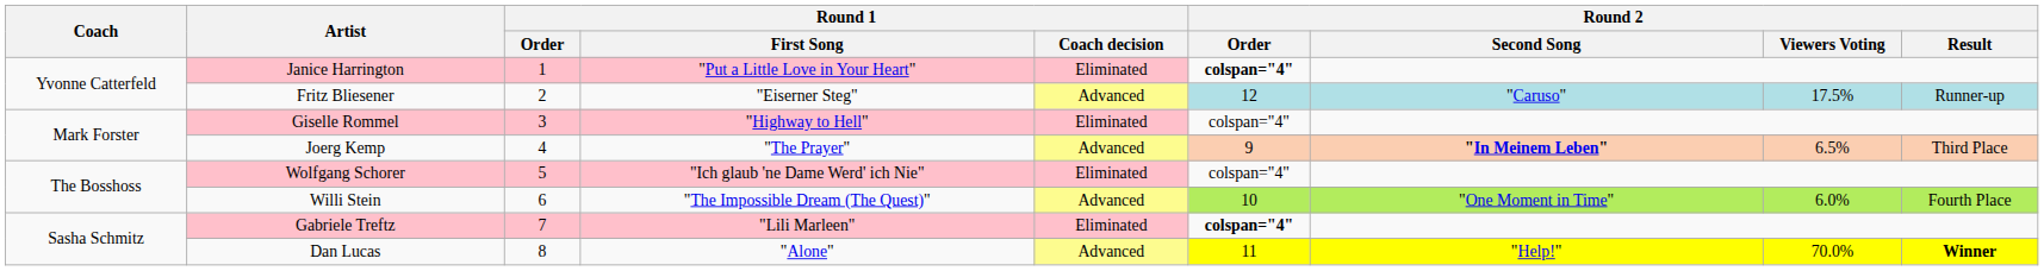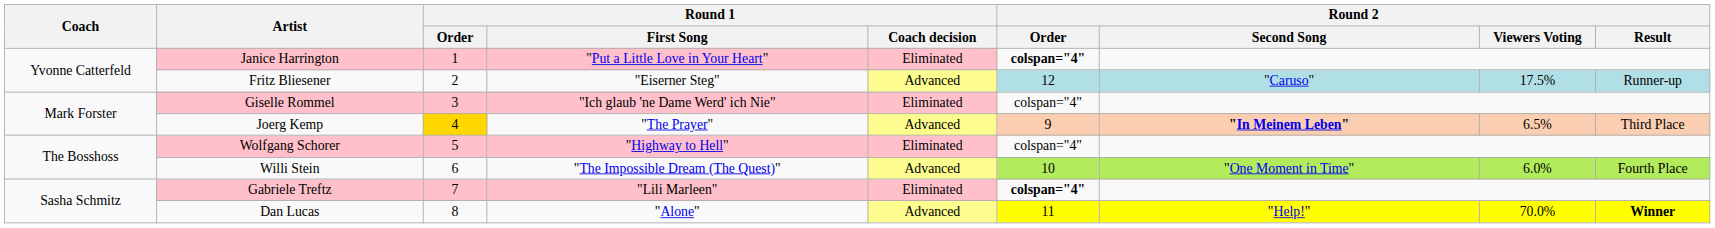 <table class="wikitable" style="text-align:center; width:100%;">
 <tr>
 <th width="4%" rowspan="2">Coach</th>
 <th width="7%" rowspan="2">Artist</th>
 <th width="14%" colspan="3">Round 1</th>
 <th width="17%" colspan="4">Round 2</th>
 </tr>
 <tr>
 <th width="1%">Order</th>
 <th width="10%">First Song</th>
 <th width="3%">Coach decision</th>
 <th width="1%">Order</th>
 <th width="10%">Second Song</th>
 <th width="3%">Viewers Voting</th>
 <th width="3%">Result</th>
 </tr>
 <tr>
 <td rowspan=2>Yvonne Catterfeld</td>
 <td style="background:pink;">Janice Harrington</td>
 <td style="background:pink;">1</td>
 <td style="background:pink;">"<a href='#'>Put a Little Love in Your Heart</a>"</td>
 <td style="background:pink;">Eliminated</td>
 <td><strong>colspan="4" </strong></td>
 </tr>
 <tr>
 <td>Fritz Bliesener</td>
 <td>2</td>
 <td>"Eiserner Steg"</td>
 <td style="background:#fdfc8f;">Advanced</td>
 <td bgcolor="#B0E0E6">12</td>
 <td bgcolor="#B0E0E6">"<a href='#'>Caruso</a>"</td>
 <td bgcolor="#B0E0E6">17.5%</td>
 <td bgcolor="#B0E0E6">Runner-up</td>
 </tr>
 <tr>
 <td rowspan=2>Mark Forster</td>
 <td style="background:pink;">Giselle Rommel</td>
 <td style="background:pink;">3</td>
-<td style="background:pink;">"<a href='#'>Highway to Hell</a>"</td>
+<td style="background:pink;">"Ich glaub 'ne Dame Werd' ich Nie"</td>
 <td style="background:pink;">Eliminated</td>
 <td>colspan="4" </td>
 </tr>
 <tr>
 <td>Joerg Kemp</td>
-<td>4</td>
+<td style="background: gold;">4</td>
 <td>"<a href='#'>The Prayer</a>"</td>
 <td style="background:#fdfc8f;">Advanced</td>
 <td bgcolor="#FBCEB1">9</td>
 <td bgcolor="#FBCEB1"><strong>"<a href='#'>In Meinem Leben</a>"</strong></td>
 <td bgcolor="#FBCEB1">6.5%</td>
 <td bgcolor="#FBCEB1">Third Place</td>
 </tr>
 <tr>
 <td rowspan=2>The Bosshoss</td>
 <td style="background:pink;">Wolfgang Schorer</td>
 <td style="background:pink;">5</td>
-<td style="background:pink;">"Ich glaub 'ne Dame Werd' ich Nie"</td>
+<td style="background:pink;">"<a href='#'>Highway to Hell</a>"</td>
 <td style="background:pink;">Eliminated</td>
 <td>colspan="4" </td>
 </tr>
 <tr>
 <td>Willi Stein</td>
 <td>6</td>
 <td>"<a href='#'>The Impossible Dream (The Quest)</a>"</td>
 <td style="background:#fdfc8f;">Advanced</td>
 <td bgcolor="#B2EC5D">10</td>
 <td bgcolor="#B2EC5D">"<a href='#'>One Moment in Time</a>"</td>
 <td bgcolor="#B2EC5D">6.0%</td>
 <td bgcolor="#B2EC5D">Fourth Place</td>
 </tr>
 <tr>
 <td rowspan=2>Sasha Schmitz</td>
 <td style="background:pink;">Gabriele Treftz</td>
 <td style="background:pink;">7</td>
 <td style="background:pink;">"Lili Marleen"</td>
 <td style="background:pink;">Eliminated</td>
 <td><strong>colspan="4" </strong></td>
 </tr>
 <tr>
 <td>Dan Lucas</td>
 <td>8</td>
 <td>"<a href='#'>Alone</a>"</td>
 <td style="background:#fdfc8f;">Advanced</td>
 <td bgcolor="yellow">11</td>
 <td bgcolor="yellow">"<a href='#'>Help!</a>"</td>
 <td bgcolor="yellow">70.0%</td>
 <td bgcolor="yellow"><strong>Winner</strong></td>
 </tr>
 </table>
